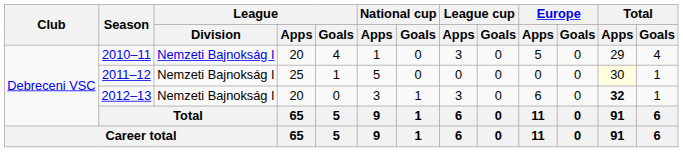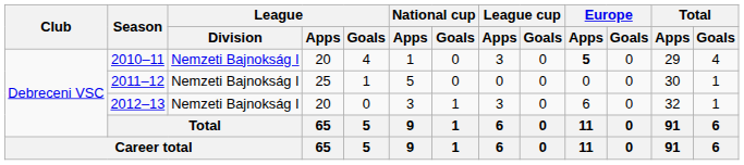 <table class="wikitable" style="text-align:center">
 <tr>
 <th rowspan="2">Club</th>
 <th rowspan="2">Season</th>
 <th colspan="3">League</th>
 <th colspan="2">National cup</th>
 <th colspan="2">League cup</th>
 <th colspan="2"><a href='#'>Europe</a></th>
 <th colspan="2">Total</th>
 </tr>
 <tr>
 <th>Division</th>
 <th>Apps</th>
 <th>Goals</th>
 <th>Apps</th>
 <th>Goals</th>
 <th>Apps</th>
 <th>Goals</th>
 <th>Apps</th>
 <th>Goals</th>
 <th>Apps</th>
 <th>Goals</th>
 </tr>
 <tr>
 <td rowspan="4"><a href='#'>Debreceni VSC</a></td>
 <td><a href='#'>2010–11</a></td>
 <td><a href='#'>Nemzeti Bajnokság I</a></td>
 <td>20</td>
 <td>4</td>
 <td>1</td>
 <td>0</td>
 <td>3</td>
 <td>0</td>
-<td>5</td>
+<td><strong>5</strong></td>
 <td>0</td>
 <td>29</td>
 <td>4</td>
 </tr>
 <tr>
 <td><a href='#'>2011–12</a></td>
 <td>Nemzeti Bajnokság I</td>
 <td>25</td>
 <td>1</td>
 <td>5</td>
 <td>0</td>
 <td>0</td>
 <td>0</td>
 <td>0</td>
 <td>0</td>
-<td style="background: lightyellow;">30</td>
+<td>30</td>
 <td>1</td>
 </tr>
 <tr>
 <td><a href='#'>2012–13</a></td>
 <td>Nemzeti Bajnokság I</td>
 <td>20</td>
 <td>0</td>
 <td>3</td>
 <td>1</td>
 <td>3</td>
 <td>0</td>
 <td>6</td>
 <td>0</td>
-<td><strong>32</strong></td>
+<td>32</td>
 <td>1</td>
 </tr>
 <tr>
 <th colspan="2">Total</th>
 <th>65</th>
 <th>5</th>
 <th>9</th>
 <th>1</th>
 <th>6</th>
 <th>0</th>
 <th>11</th>
 <th>0</th>
 <th>91</th>
 <th>6</th>
 </tr>
 <tr>
 <th colspan="3">Career total</th>
 <th>65</th>
 <th>5</th>
 <th>9</th>
 <th>1</th>
 <th>6</th>
 <th>0</th>
 <th>11</th>
 <th>0</th>
 <th>91</th>
 <th>6</th>
 </tr>
 </table>
